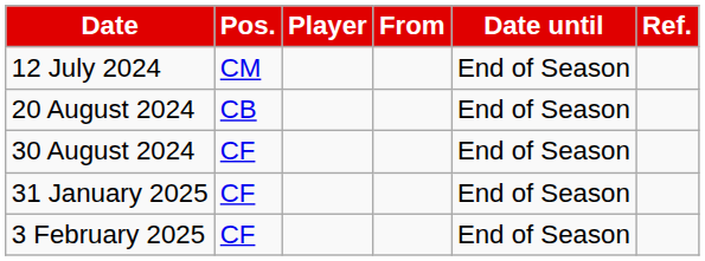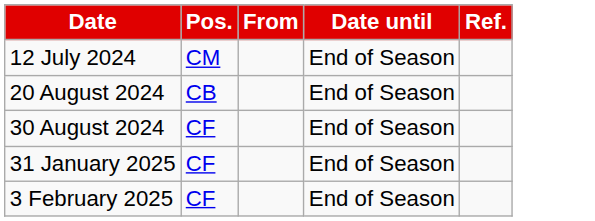 <table class="wikitable plainrowheaders sortable">
 <tr>
 <th style="background:#E00000; color:#ffffff; ">Date</th>
 <th style="background:#E00000; color:#ffffff; ">Pos.</th>
-<th style="background:#E00000; color:#ffffff; ">Player</th>
 <th style="background:#E00000; color:#ffffff; ">From</th>
 <th style="background:#E00000; color:#ffffff; ">Date until</th>
 <th style="background:#E00000; color:#ffffff; ">Ref.</th>
 </tr>
 <tr>
 <td>12 July 2024</td>
 <td><a href='#'>CM</a></td>
 <td></td>
-<td></td>
 <td>End of Season</td>
 <td></td>
 </tr>
 <tr>
 <td>20 August 2024</td>
 <td><a href='#'>CB</a></td>
-<td></td>
 <td></td>
 <td>End of Season</td>
 <td></td>
 </tr>
 <tr>
 <td>30 August 2024</td>
 <td><a href='#'>CF</a></td>
 <td></td>
-<td></td>
 <td>End of Season</td>
 <td></td>
 </tr>
 <tr>
 <td>31 January 2025</td>
 <td><a href='#'>CF</a></td>
-<td></td>
 <td></td>
 <td>End of Season</td>
 <td></td>
 </tr>
 <tr>
 <td>3 February 2025</td>
 <td><a href='#'>CF</a></td>
 <td></td>
-<td></td>
 <td>End of Season</td>
 <td></td>
 </tr>
 </table>
